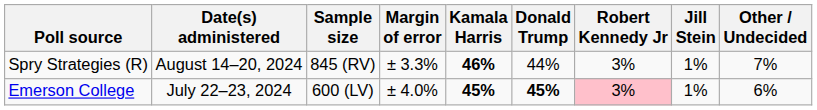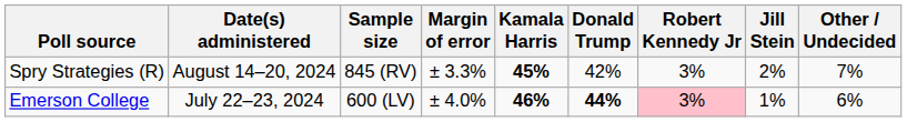 <table class="wikitable sortable mw-datatable" style="font-size:90%;text-align:center;line-height:17px">
 <tr valign=bottom>
 <th>Poll source</th>
 <th>Date(s)<br>administered</th>
 <th>Sample<br>size</th>
 <th>Margin<br>of error</th>
 <th class="unsortable">Kamala<br>Harris<br></th>
 <th class="unsortable">Donald<br>Trump<br></th>
 <th class="unsortable">Robert<br>Kennedy Jr<br></th>
 <th class="unsortable">Jill<br>Stein<br></th>
 <th class="unsortable">Other /<br>Undecided</th>
 </tr>
 <tr>
 <td style="text-align:left;">Spry Strategies (R)</td>
 <td data-sort-value="2024-08-20">August 14–20, 2024</td>
 <td>845 (RV)</td>
 <td>± 3.3%</td>
-<td style="color:black;background-color:"><strong>46%</strong></td>
-<td>44%</td>
+<td style="color:black;background-color:"><strong>45%</strong></td>
+<td>42%</td>
 <td>3%</td>
-<td>1%</td>
+<td>2%</td>
 <td>7%</td>
 </tr>
 <tr>
 <td style="text-align:left;"><a href='#'>Emerson College</a></td>
 <td data-sort-value="2024-07-25">July 22–23, 2024</td>
 <td>600 (LV)</td>
 <td>± 4.0%</td>
-<td><strong>45%</strong></td>
-<td><strong>45%</strong></td>
+<td><strong>46%</strong></td>
+<td><strong>44%</strong></td>
 <td style="background: pink;">3%</td>
 <td>1%</td>
 <td>6%</td>
 </tr>
 </table>
